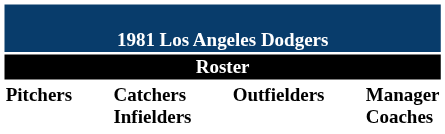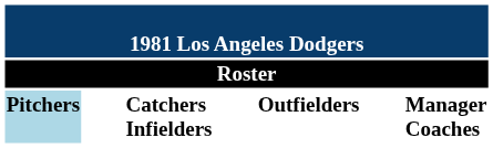 <table class="toccolours" style="font-size: 95%;">
 <tr>
 <th colspan="10" style="background-color: #083c6b; color: #FFFFFF; text-align: center;"><br>1981 Los Angeles Dodgers</th>
 </tr>
 <tr>
 <td colspan="74" style="background-color: black; color: #FFFFFF; text-align: center;"><strong>Roster</strong></td>
 </tr>
 <tr>
-<td style="vertical-align:top"><strong>Pitchers</strong><br>                               </td>
+<td style="background: lightblue; vertical-align:top"><strong>Pitchers</strong><br>                               </td>
 <td width="25px"></td>
 <td style="vertical-align:top"><strong>Catchers</strong><br>   <strong>Infielders</strong>           </td>
 <td width="25px"></td>
 <td style="vertical-align:top"><strong>Outfielders</strong><br>         </td>
 <td width="25px"></td>
 <td style="vertical-align:top"><strong>Manager</strong><br> <strong>Coaches</strong>     </td>
 </tr>
 </table>
